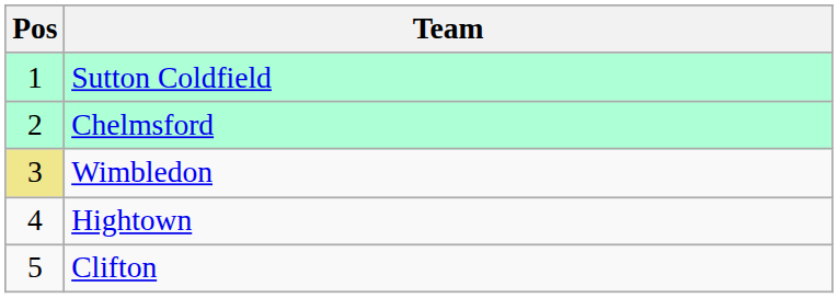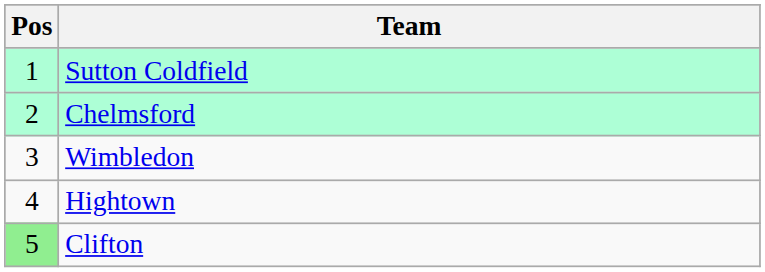 <table class="wikitable" style="font-size: 100%">
 <tr>
 <th width=20>Pos</th>
 <th width=400>Team</th>
 </tr>
 <tr align=center style="background: #ADFFD6;">
 <td>1</td>
 <td align="left"><a href='#'>Sutton Coldfield</a></td>
 </tr>
 <tr align=center style="background: #ADFFD6;">
 <td>2</td>
 <td align="left"><a href='#'>Chelmsford</a></td>
 </tr>
 <tr align=center>
-<td style="background: khaki;">3</td>
+<td>3</td>
 <td align="left"><a href='#'>Wimbledon</a></td>
 </tr>
 <tr align=center>
 <td>4</td>
 <td align="left"><a href='#'>Hightown</a></td>
 </tr>
 <tr align=center>
-<td>5</td>
+<td style="background: lightgreen;">5</td>
 <td align="left"><a href='#'>Clifton</a></td>
 </tr>
 </table>
